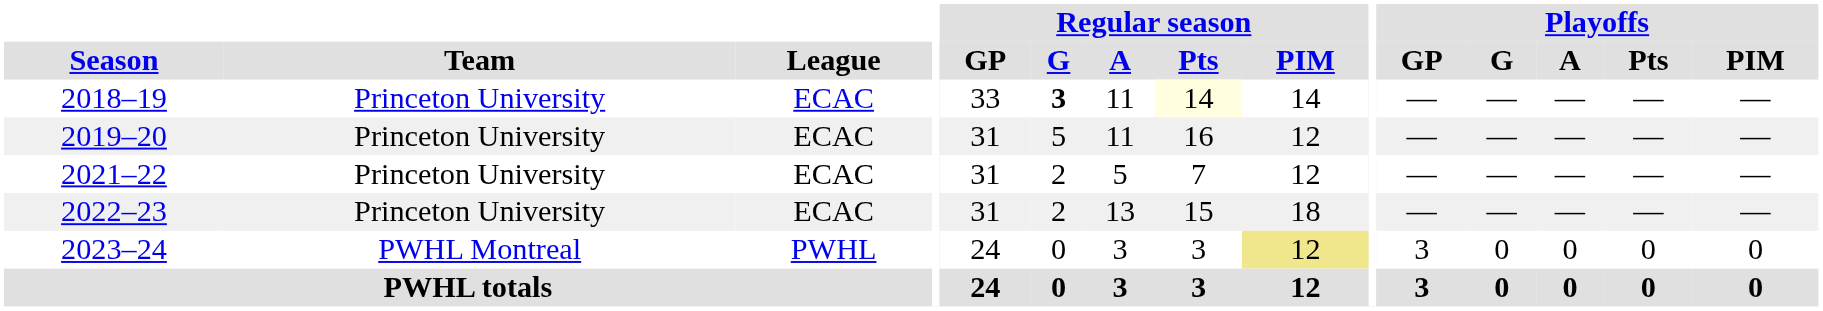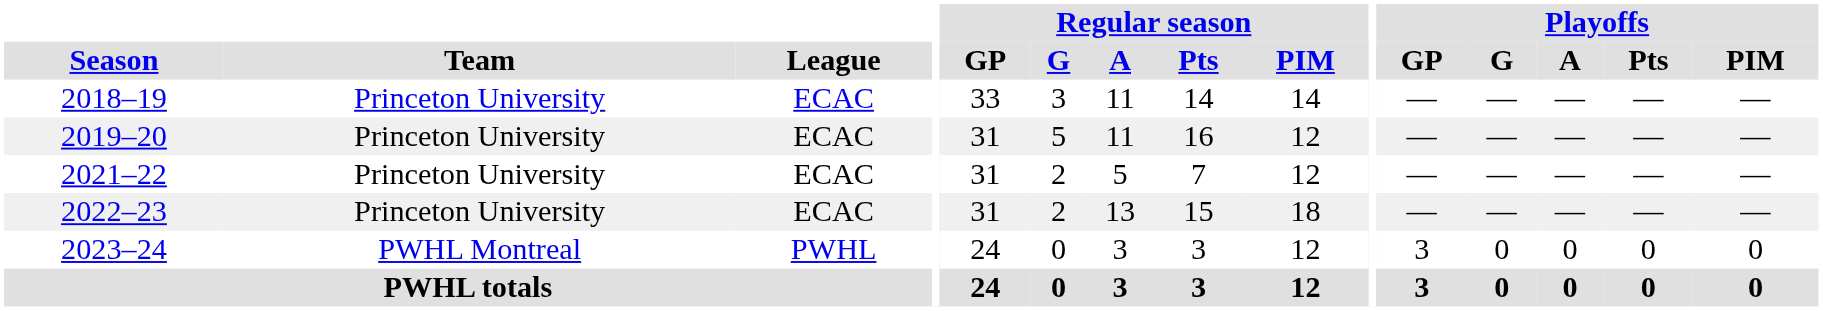 <table border="0" cellpadding="1" cellspacing="0" style="text-align:center; width:60em">
 <tr bgcolor="#e0e0e0">
 <th colspan="3" bgcolor="#ffffff"></th>
 <th rowspan="97" bgcolor="#ffffff"></th>
 <th colspan="5"><a href='#'>Regular season</a></th>
 <th rowspan="97" bgcolor="#ffffff"></th>
 <th colspan="5"><a href='#'>Playoffs</a></th>
 </tr>
 <tr bgcolor="#e0e0e0">
 <th><a href='#'>Season</a></th>
 <th>Team</th>
 <th>League</th>
 <th>GP</th>
 <th><a href='#'>G</a></th>
 <th><a href='#'>A</a></th>
 <th><a href='#'>Pts</a></th>
 <th><a href='#'>PIM</a></th>
 <th>GP</th>
 <th>G</th>
 <th>A</th>
 <th>Pts</th>
 <th>PIM</th>
 </tr>
 <tr>
 <td><a href='#'>2018–19</a></td>
 <td><a href='#'>Princeton University</a></td>
 <td><a href='#'>ECAC</a></td>
 <td>33</td>
-<td><strong>3</strong></td>
+<td>3</td>
 <td>11</td>
-<td style="background: lightyellow;">14</td>
+<td>14</td>
 <td>14</td>
 <td>—</td>
 <td>—</td>
 <td>—</td>
 <td>—</td>
 <td>—</td>
 </tr>
 <tr bgcolor="#f0f0f0">
 <td><a href='#'>2019–20</a></td>
 <td>Princeton University</td>
 <td>ECAC</td>
 <td>31</td>
 <td>5</td>
 <td>11</td>
 <td>16</td>
 <td>12</td>
 <td>—</td>
 <td>—</td>
 <td>—</td>
 <td>—</td>
 <td>—</td>
 </tr>
 <tr>
 <td><a href='#'>2021–22</a></td>
 <td>Princeton University</td>
 <td>ECAC</td>
 <td>31</td>
 <td>2</td>
 <td>5</td>
 <td>7</td>
 <td>12</td>
 <td>—</td>
 <td>—</td>
 <td>—</td>
 <td>—</td>
 <td>—</td>
 </tr>
 <tr bgcolor="#f0f0f0">
 <td><a href='#'>2022–23</a></td>
 <td>Princeton University</td>
 <td>ECAC</td>
 <td>31</td>
 <td>2</td>
 <td>13</td>
 <td>15</td>
 <td>18</td>
 <td>—</td>
 <td>—</td>
 <td>—</td>
 <td>—</td>
 <td>—</td>
 </tr>
 <tr>
 <td><a href='#'>2023–24</a></td>
 <td><a href='#'>PWHL Montreal</a></td>
 <td><a href='#'>PWHL</a></td>
 <td>24</td>
 <td>0</td>
 <td>3</td>
 <td>3</td>
-<td style="background: khaki;">12</td>
+<td>12</td>
 <td>3</td>
 <td>0</td>
 <td>0</td>
 <td>0</td>
 <td>0</td>
 </tr>
 <tr bgcolor="#e0e0e0">
 <th colspan="3">PWHL totals</th>
 <th>24</th>
 <th>0</th>
 <th>3</th>
 <th>3</th>
 <th>12</th>
 <th>3</th>
 <th>0</th>
 <th>0</th>
 <th>0</th>
 <th>0</th>
 </tr>
 </table>
